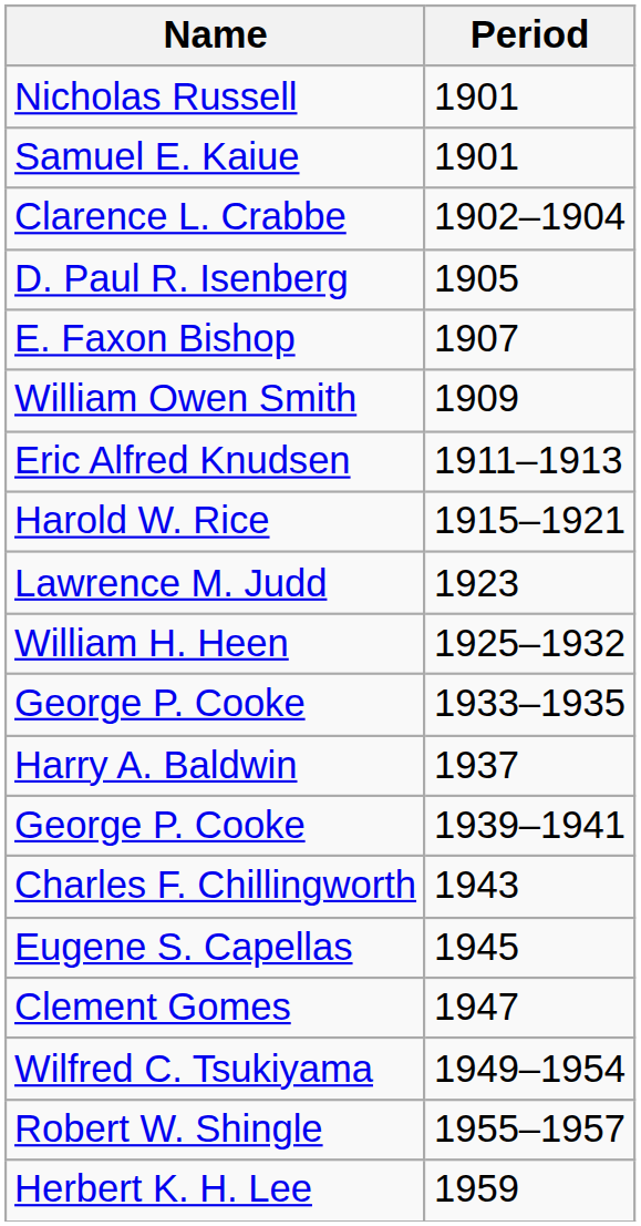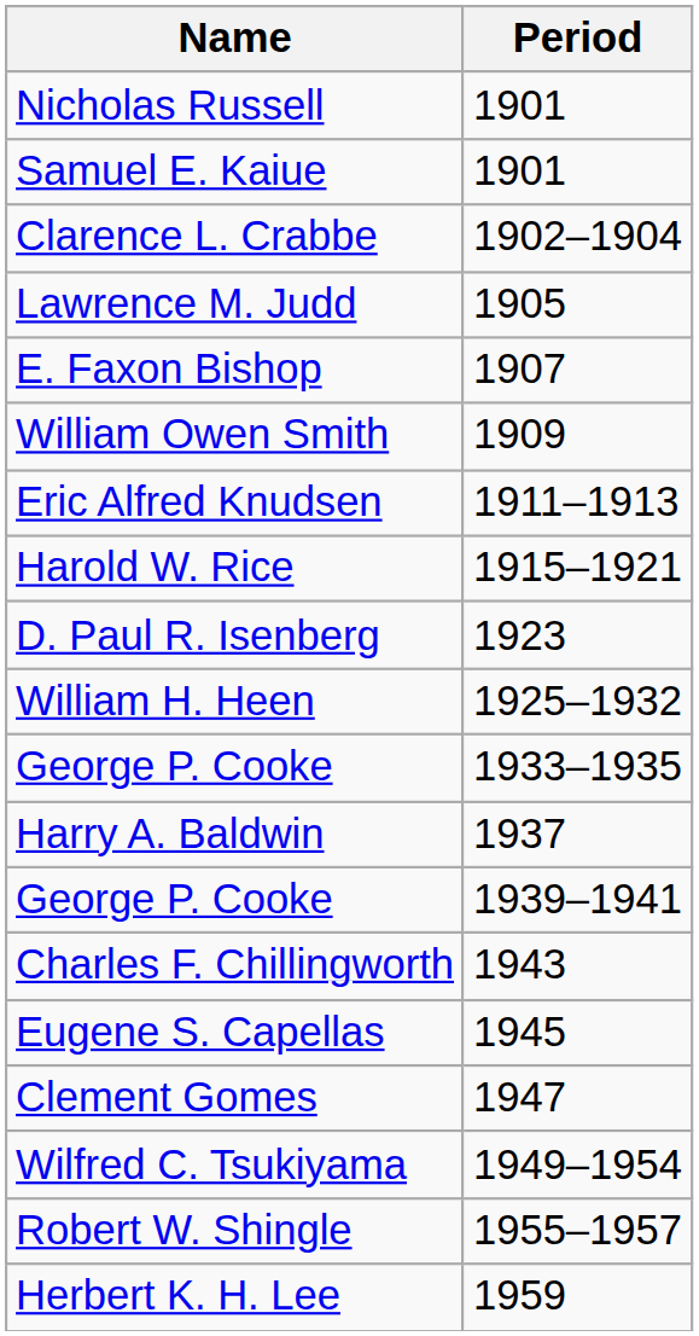 <table class="wikitable">
 <tr>
 <th>Name</th>
 <th>Period</th>
 </tr>
 <tr>
 <td><a href='#'>Nicholas Russell</a></td>
 <td>1901</td>
 </tr>
 <tr>
 <td><a href='#'>Samuel E. Kaiue</a></td>
 <td>1901</td>
 </tr>
 <tr>
 <td><a href='#'>Clarence L. Crabbe</a></td>
 <td>1902–1904</td>
 </tr>
 <tr>
-<td><a href='#'>D. Paul R. Isenberg</a></td>
+<td><a href='#'>Lawrence M. Judd</a></td>
 <td>1905</td>
 </tr>
 <tr>
 <td><a href='#'>E. Faxon Bishop</a></td>
 <td>1907</td>
 </tr>
 <tr>
 <td><a href='#'>William Owen Smith</a></td>
 <td>1909</td>
 </tr>
 <tr>
 <td><a href='#'>Eric Alfred Knudsen</a></td>
 <td>1911–1913</td>
 </tr>
 <tr>
 <td><a href='#'>Harold W. Rice</a></td>
 <td>1915–1921</td>
 </tr>
 <tr>
-<td><a href='#'>Lawrence M. Judd</a></td>
+<td><a href='#'>D. Paul R. Isenberg</a></td>
 <td>1923</td>
 </tr>
 <tr>
 <td><a href='#'>William H. Heen</a></td>
 <td>1925–1932</td>
 </tr>
 <tr>
 <td><a href='#'>George P. Cooke</a></td>
 <td>1933–1935</td>
 </tr>
 <tr>
 <td><a href='#'>Harry A. Baldwin</a></td>
 <td>1937</td>
 </tr>
 <tr>
 <td><a href='#'>George P. Cooke</a></td>
 <td>1939–1941</td>
 </tr>
 <tr>
 <td><a href='#'>Charles F. Chillingworth</a></td>
 <td>1943</td>
 </tr>
 <tr>
 <td><a href='#'>Eugene S. Capellas</a></td>
 <td>1945</td>
 </tr>
 <tr>
 <td><a href='#'>Clement Gomes</a></td>
 <td>1947</td>
 </tr>
 <tr>
 <td><a href='#'>Wilfred C. Tsukiyama</a></td>
 <td>1949–1954</td>
 </tr>
 <tr>
 <td><a href='#'>Robert W. Shingle</a></td>
 <td>1955–1957</td>
 </tr>
 <tr>
 <td><a href='#'>Herbert K. H. Lee</a></td>
 <td>1959</td>
 </tr>
 <tr>
 </tr>
 </table>
